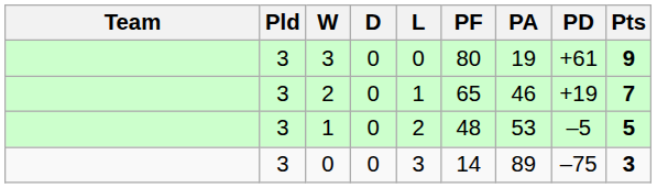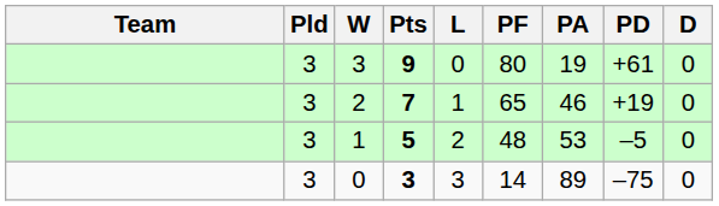 <table class="wikitable" style="text-align:center;">
 <tr>
 <th width=175>Team</th>
 <th width=25 abbr="Played">Pld</th>
 <th width=25 abbr="Won">W</th>
-<th width=25 abbr="Drawn">D</th>
+<th width=25 abbr="Points">Pts</th>
 <th width=25 abbr="Lost">L</th>
 <th width=32 abbr="Points for">PF</th>
 <th width=32 abbr="Points against">PA</th>
 <th width=32 abbr="Points difference">PD</th>
-<th width=25 abbr="Points">Pts</th>
+<th width=25 abbr="Drawn">D</th>
 </tr>
 <tr bgcolor=ccffcc>
 <td align=left></td>
 <td>3</td>
 <td>3</td>
-<td>0</td>
+<td><strong>9</strong></td>
 <td>0</td>
 <td>80</td>
 <td>19</td>
 <td>+61</td>
-<td><strong>9</strong></td>
+<td>0</td>
 </tr>
 <tr bgcolor=ccffcc>
 <td align=left></td>
 <td>3</td>
 <td>2</td>
-<td>0</td>
+<td><strong>7</strong></td>
 <td>1</td>
 <td>65</td>
 <td>46</td>
 <td>+19</td>
-<td><strong>7</strong></td>
+<td>0</td>
 </tr>
 <tr bgcolor=ccffcc>
 <td align=left></td>
 <td>3</td>
 <td>1</td>
-<td>0</td>
+<td><strong>5</strong></td>
 <td>2</td>
 <td>48</td>
 <td>53</td>
 <td>–5</td>
-<td><strong>5</strong></td>
+<td>0</td>
 </tr>
 <tr>
 <td align=left></td>
 <td>3</td>
 <td>0</td>
-<td>0</td>
+<td><strong>3</strong></td>
 <td>3</td>
 <td>14</td>
 <td>89</td>
 <td>–75</td>
-<td><strong>3</strong></td>
+<td>0</td>
 </tr>
 </table>
